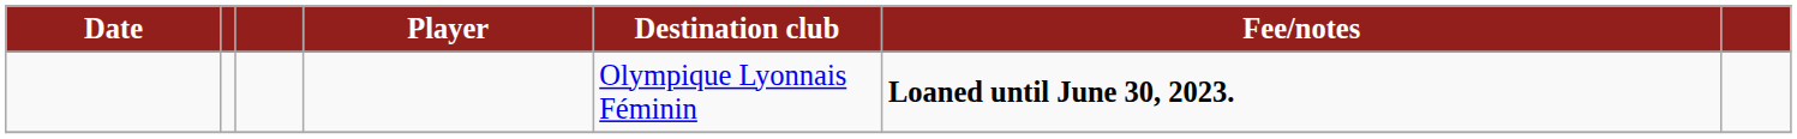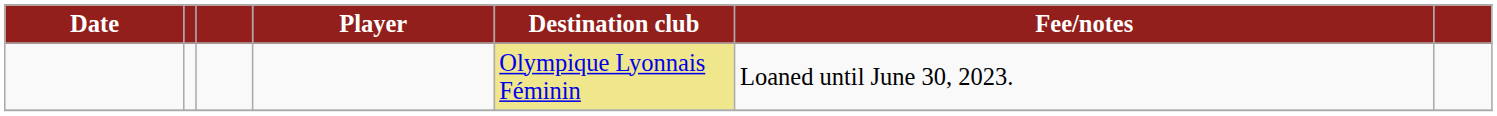 <table class="wikitable sortable">
 <tr>
 <th style="background:#921f1c; color:#fff; width:110px;">Date</th>
 <th style="background:#921f1c; color:#fff;" scope="col"></th>
 <th style="background:#921f1c; color:#fff; width:30px;" scope="col"></th>
 <th style="background:#921f1c; color:#fff; width:150px;" scope="col">Player</th>
 <th style="background:#921f1c; color:#fff; width:150px;" scope="col">Destination club</th>
 <th style="background:#921f1c; color:#fff; width:450px;" scope="col">Fee/notes</th>
 <th style="background:#921f1c; color:#fff; width:30px;" scope="col"></th>
 </tr>
 <tr>
 <td></td>
 <td></td>
 <td></td>
 <td></td>
-<td> <a href='#'>Olympique Lyonnais Féminin</a></td>
-<td><strong>Loaned until June 30, 2023.</strong></td>
+<td style="background: khaki;"> <a href='#'>Olympique Lyonnais Féminin</a></td>
+<td>Loaned until June 30, 2023.</td>
 <td></td>
 </tr>
 <tr>
 </tr>
 </table>
